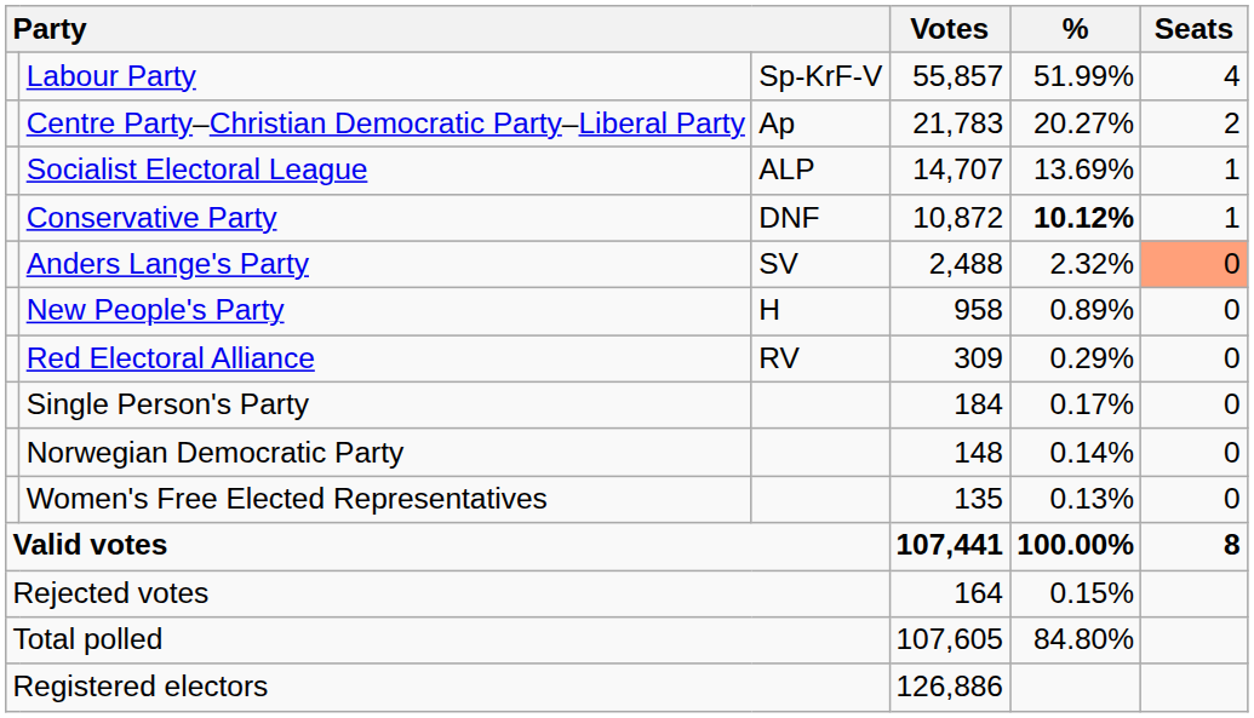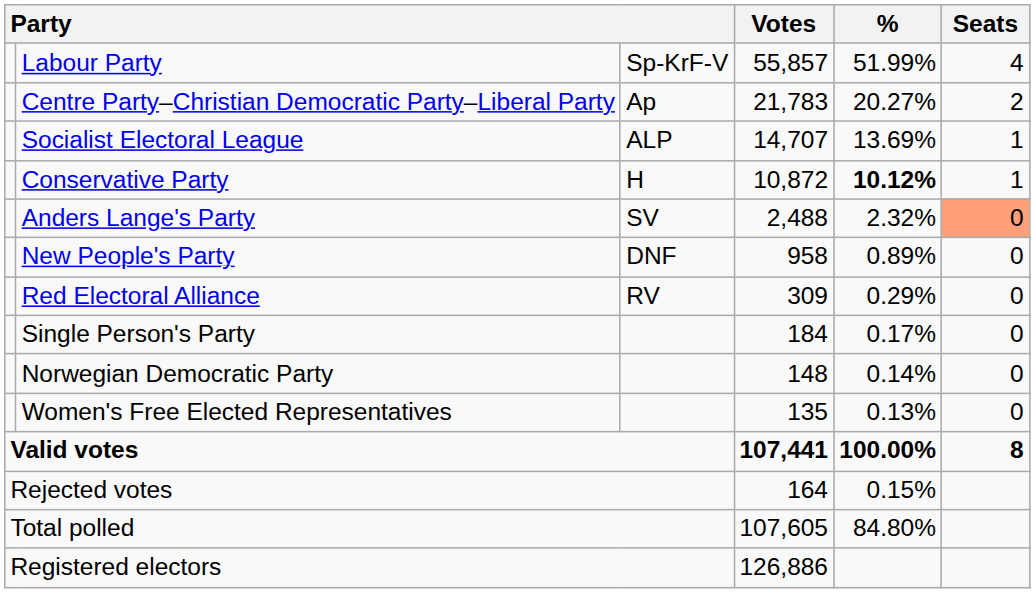 <table class="wikitable" border="1" style="text-align:right;">
 <tr>
 <th style="text-align:left;" colspan=3>Party</th>
 <th align=center width="50">Votes</th>
 <th align=center width="50">%</th>
 <th align=center width="50">Seats</th>
 </tr>
 <tr>
 <td style="color:inherit;background:"></td>
 <td align=left><a href='#'>Labour Party</a></td>
 <td align=left>Sp-KrF-V</td>
 <td>55,857</td>
 <td>51.99%</td>
 <td>4</td>
 </tr>
 <tr>
 <td></td>
 <td align=left><a href='#'>Centre Party</a>–<a href='#'>Christian Democratic Party</a>–<a href='#'>Liberal Party</a></td>
 <td align=left>Ap</td>
 <td>21,783</td>
 <td>20.27%</td>
 <td>2</td>
 </tr>
 <tr>
 <td style="color:inherit;background:"></td>
 <td align=left><a href='#'>Socialist Electoral League</a></td>
 <td align=left>ALP</td>
 <td>14,707</td>
 <td>13.69%</td>
 <td>1</td>
 </tr>
 <tr>
 <td style="color:inherit;background:"></td>
 <td align=left><a href='#'>Conservative Party</a></td>
-<td align=left>DNF</td>
+<td align=left>H</td>
 <td>10,872</td>
 <td><strong>10.12%</strong></td>
 <td>1</td>
 </tr>
 <tr>
 <td style="color:inherit;background:"></td>
 <td align=left><a href='#'>Anders Lange's Party</a></td>
 <td align=left>SV</td>
 <td>2,488</td>
 <td>2.32%</td>
 <td style="background: lightsalmon;">0</td>
 </tr>
 <tr>
 <td style="color:inherit;background:"></td>
 <td align=left><a href='#'>New People's Party</a></td>
-<td align=left>H</td>
+<td align=left>DNF</td>
 <td>958</td>
 <td>0.89%</td>
 <td>0</td>
 </tr>
 <tr>
 <td style="color:inherit;background:"></td>
 <td align=left><a href='#'>Red Electoral Alliance</a></td>
 <td align=left>RV</td>
 <td>309</td>
 <td>0.29%</td>
 <td>0</td>
 </tr>
 <tr>
 <td></td>
 <td align=left>Single Person's Party</td>
 <td align=left></td>
 <td>184</td>
 <td>0.17%</td>
 <td>0</td>
 </tr>
 <tr>
 <td></td>
 <td align=left>Norwegian Democratic Party</td>
 <td align=left></td>
 <td>148</td>
 <td>0.14%</td>
 <td>0</td>
 </tr>
 <tr>
 <td></td>
 <td align=left>Women's Free Elected Representatives</td>
 <td align=left></td>
 <td>135</td>
 <td>0.13%</td>
 <td>0</td>
 </tr>
 <tr style="font-weight:bold">
 <td align=left colspan=3>Valid votes</td>
 <td>107,441</td>
 <td>100.00%</td>
 <td>8</td>
 </tr>
 <tr>
 <td align=left colspan=3>Rejected votes</td>
 <td>164</td>
 <td>0.15%</td>
 <td></td>
 </tr>
 <tr>
 <td align=left colspan=3>Total polled</td>
 <td>107,605</td>
 <td>84.80%</td>
 <td></td>
 </tr>
 <tr>
 <td align=left colspan=3>Registered electors</td>
 <td>126,886</td>
 <td></td>
 <td></td>
 </tr>
 </table>
